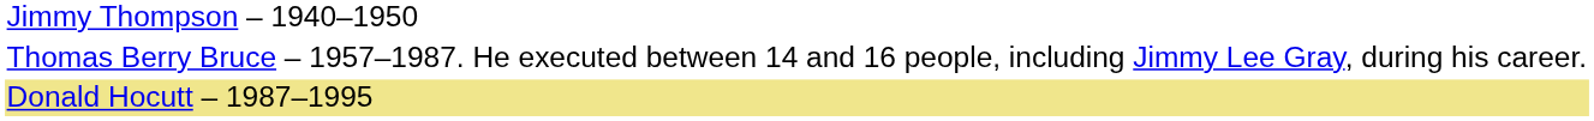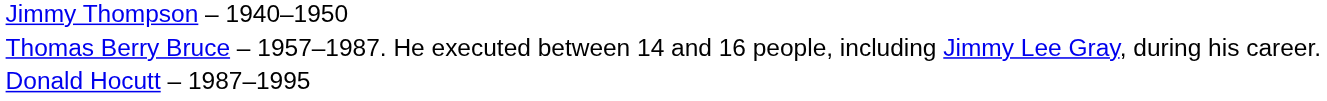 <table>
 <tr>
 <td><a href='#'>Jimmy Thompson</a> – 1940–1950</td>
 </tr>
 <tr>
 <td><a href='#'>Thomas Berry Bruce</a> – 1957–1987. He executed between 14 and 16 people, including <a href='#'>Jimmy Lee Gray</a>, during his career.</td>
 </tr>
 <tr>
-<td style="background: khaki;"><a href='#'>Donald Hocutt</a> – 1987–1995</td>
+<td><a href='#'>Donald Hocutt</a> – 1987–1995</td>
 </tr>
 </table>
